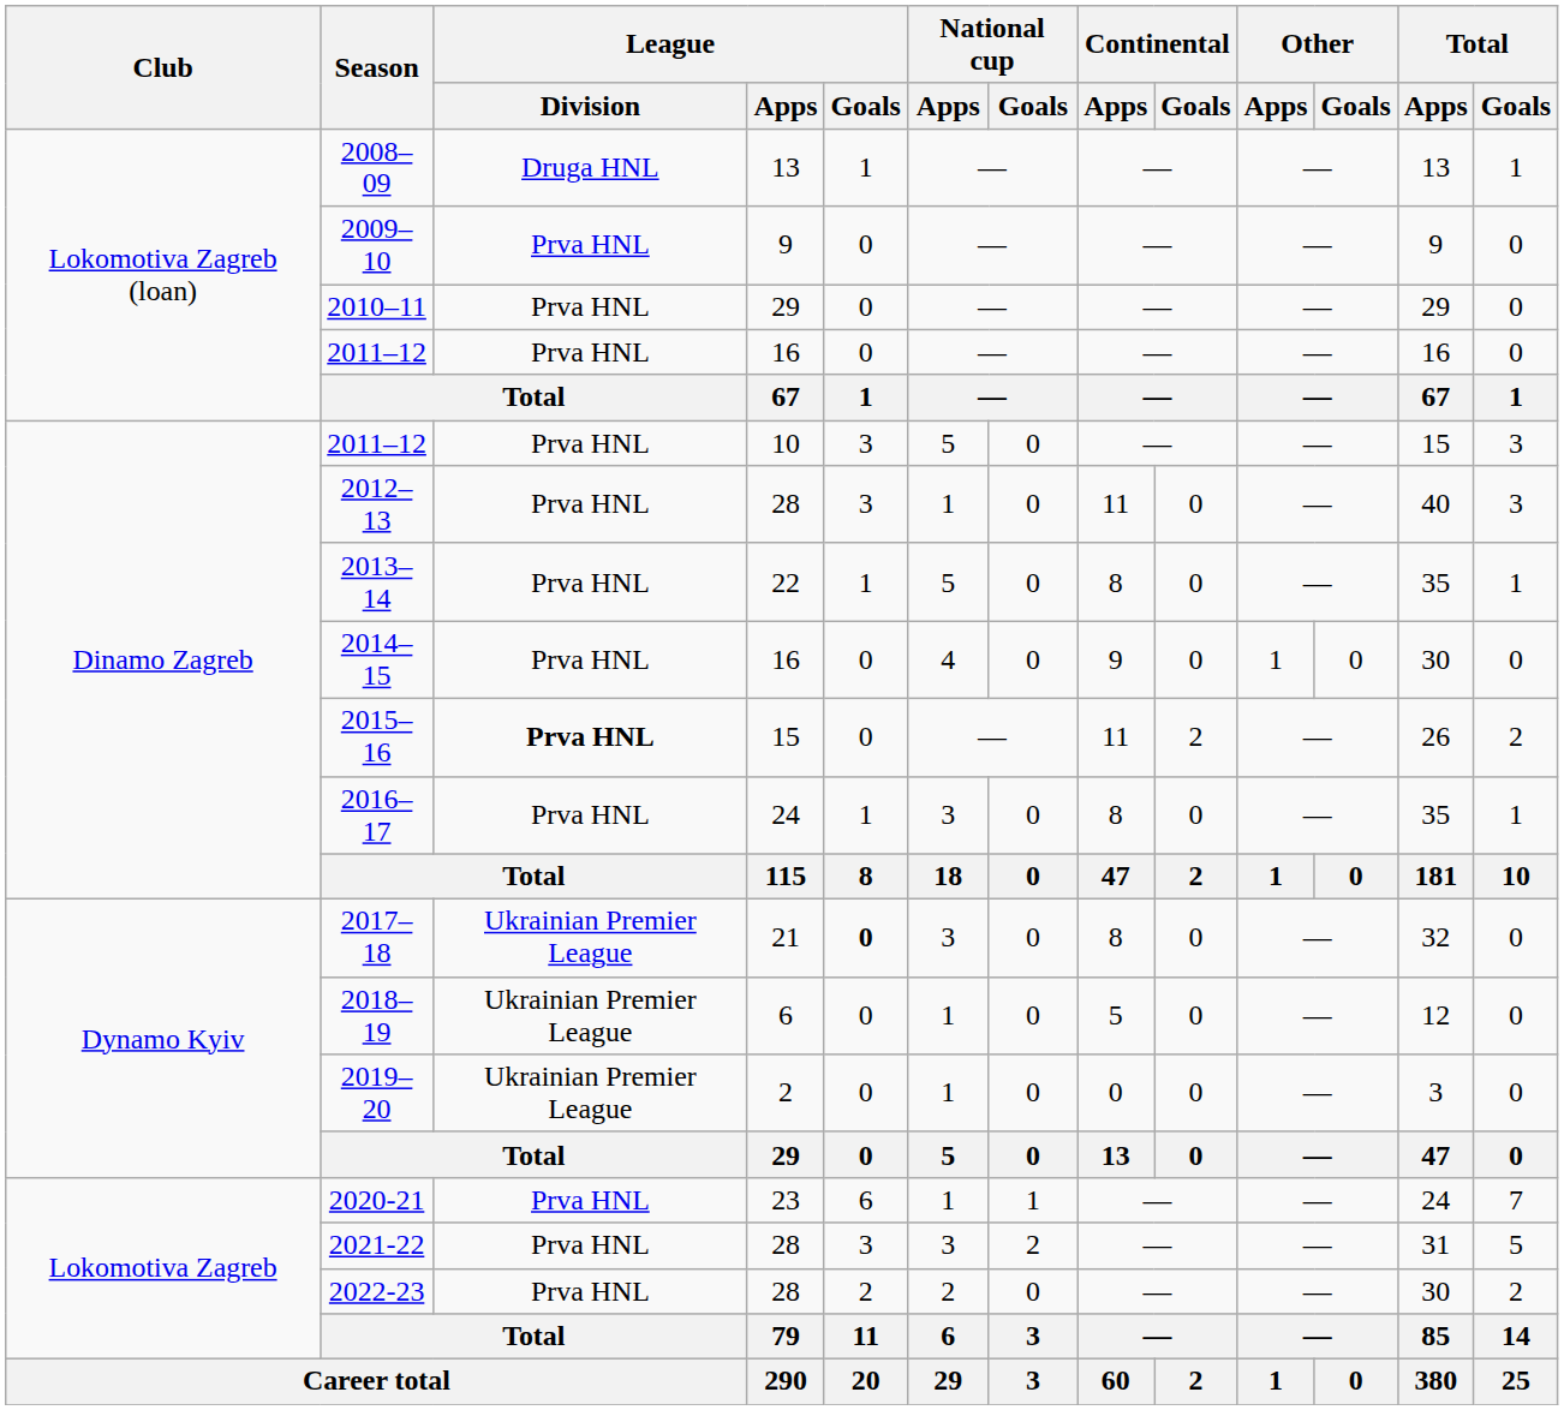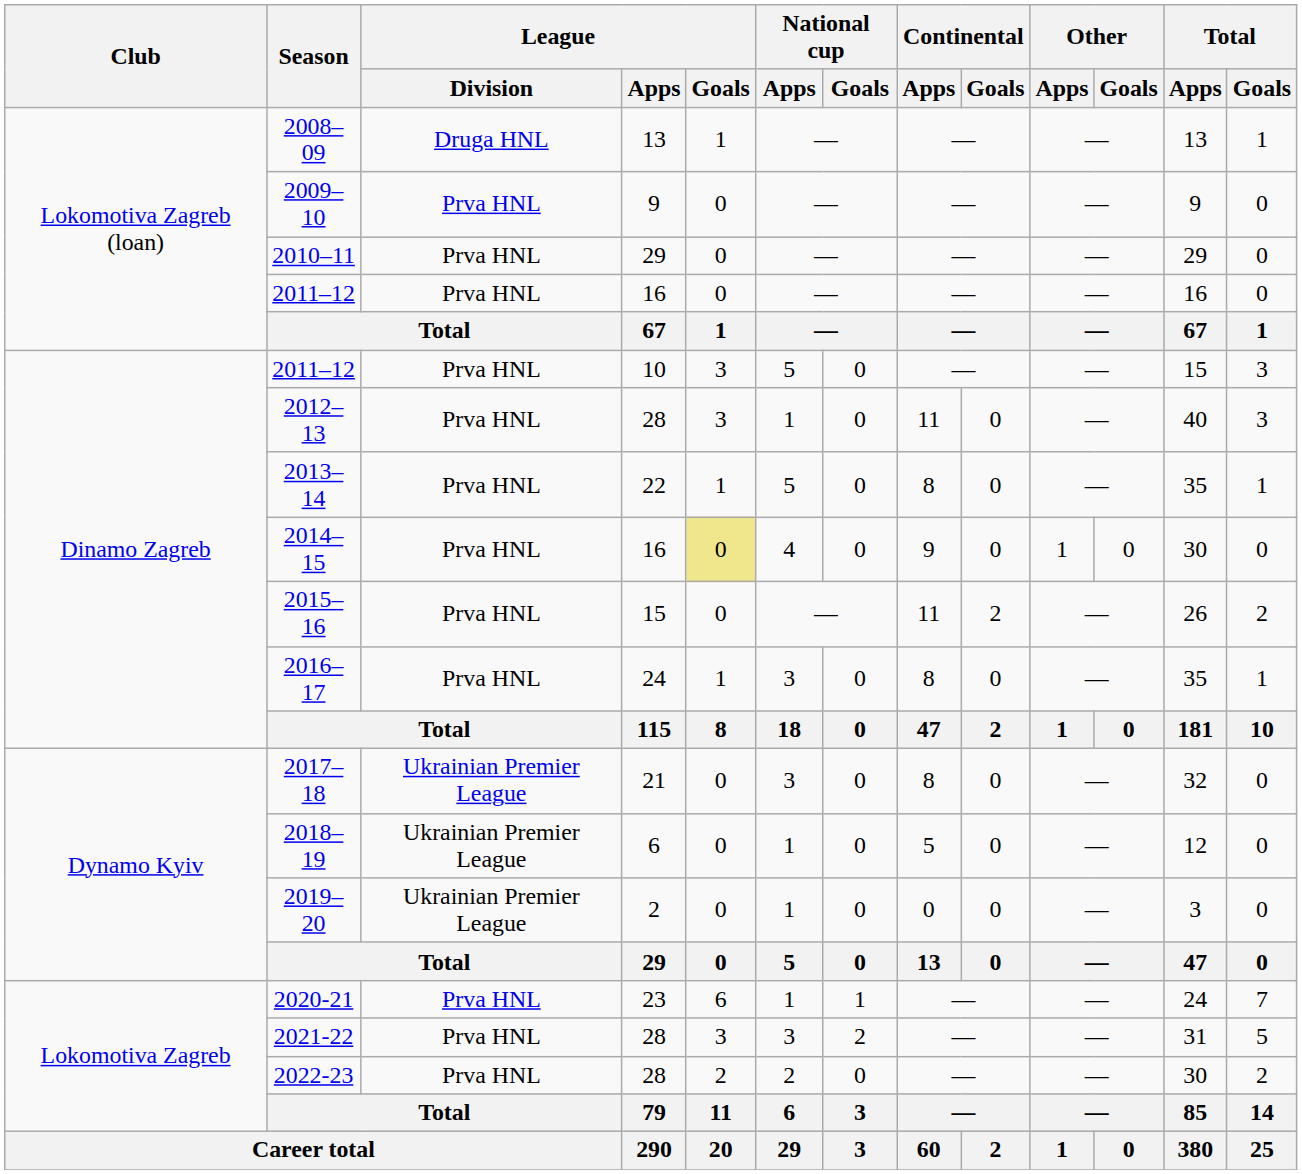 <table class="wikitable" style="text-align:center">
 <tr>
 <th rowspan="2">Club</th>
 <th rowspan="2">Season</th>
 <th colspan="3">League</th>
 <th colspan="2">National cup</th>
 <th colspan="2">Continental</th>
 <th colspan="2">Other</th>
 <th colspan="2">Total</th>
 </tr>
 <tr>
 <th>Division</th>
 <th>Apps</th>
 <th>Goals</th>
 <th>Apps</th>
 <th>Goals</th>
 <th>Apps</th>
 <th>Goals</th>
 <th>Apps</th>
 <th>Goals</th>
 <th>Apps</th>
 <th>Goals</th>
 </tr>
 <tr>
 <td rowspan="5"><a href='#'>Lokomotiva Zagreb</a> (loan)</td>
 <td><a href='#'>2008–09</a></td>
 <td><a href='#'>Druga HNL</a></td>
 <td>13</td>
 <td>1</td>
 <td colspan="2">—</td>
 <td colspan="2">—</td>
 <td colspan="2">—</td>
 <td>13</td>
 <td>1</td>
 </tr>
 <tr>
 <td><a href='#'>2009–10</a></td>
 <td><a href='#'>Prva HNL</a></td>
 <td>9</td>
 <td>0</td>
 <td colspan="2">—</td>
 <td colspan="2">—</td>
 <td colspan="2">—</td>
 <td>9</td>
 <td>0</td>
 </tr>
 <tr>
 <td><a href='#'>2010–11</a></td>
 <td>Prva HNL</td>
 <td>29</td>
 <td>0</td>
 <td colspan="2">—</td>
 <td colspan="2">—</td>
 <td colspan="2">—</td>
 <td>29</td>
 <td>0</td>
 </tr>
 <tr>
 <td><a href='#'>2011–12</a></td>
 <td>Prva HNL</td>
 <td>16</td>
 <td>0</td>
 <td colspan="2">—</td>
 <td colspan="2">—</td>
 <td colspan="2">—</td>
 <td>16</td>
 <td>0</td>
 </tr>
 <tr>
 <th colspan="2">Total</th>
 <th>67</th>
 <th>1</th>
 <th colspan="2">—</th>
 <th colspan="2">—</th>
 <th colspan="2">—</th>
 <th>67</th>
 <th>1</th>
 </tr>
 <tr>
 <td rowspan="7"><a href='#'>Dinamo Zagreb</a></td>
 <td><a href='#'>2011–12</a></td>
 <td>Prva HNL</td>
 <td>10</td>
 <td>3</td>
 <td>5</td>
 <td>0</td>
 <td colspan="2">—</td>
 <td colspan="2">—</td>
 <td>15</td>
 <td>3</td>
 </tr>
 <tr>
 <td><a href='#'>2012–13</a></td>
 <td>Prva HNL</td>
 <td>28</td>
 <td>3</td>
 <td>1</td>
 <td>0</td>
 <td>11</td>
 <td>0</td>
 <td colspan="2">—</td>
 <td>40</td>
 <td>3</td>
 </tr>
 <tr>
 <td><a href='#'>2013–14</a></td>
 <td>Prva HNL</td>
 <td>22</td>
 <td>1</td>
 <td>5</td>
 <td>0</td>
 <td>8</td>
 <td>0</td>
 <td colspan="2">—</td>
 <td>35</td>
 <td>1</td>
 </tr>
 <tr>
 <td><a href='#'>2014–15</a></td>
 <td>Prva HNL</td>
 <td>16</td>
-<td>0</td>
+<td style="background: khaki;">0</td>
 <td>4</td>
 <td>0</td>
 <td>9</td>
 <td>0</td>
 <td>1</td>
 <td>0</td>
 <td>30</td>
 <td>0</td>
 </tr>
 <tr>
 <td><a href='#'>2015–16</a></td>
-<td><strong>Prva HNL</strong></td>
+<td>Prva HNL</td>
 <td>15</td>
 <td>0</td>
 <td colspan="2">—</td>
 <td>11</td>
 <td>2</td>
 <td colspan="2">—</td>
 <td>26</td>
 <td>2</td>
 </tr>
 <tr>
 <td><a href='#'>2016–17</a></td>
 <td>Prva HNL</td>
 <td>24</td>
 <td>1</td>
 <td>3</td>
 <td>0</td>
 <td>8</td>
 <td>0</td>
 <td colspan="2">—</td>
 <td>35</td>
 <td>1</td>
 </tr>
 <tr>
 <th colspan="2">Total</th>
 <th>115</th>
 <th>8</th>
 <th>18</th>
 <th>0</th>
 <th>47</th>
 <th>2</th>
 <th>1</th>
 <th>0</th>
 <th>181</th>
 <th>10</th>
 </tr>
 <tr>
 <td rowspan="4"><a href='#'>Dynamo Kyiv</a></td>
 <td><a href='#'>2017–18</a></td>
 <td><a href='#'>Ukrainian Premier League</a></td>
 <td>21</td>
-<td><strong>0</strong></td>
+<td>0</td>
 <td>3</td>
 <td>0</td>
 <td>8</td>
 <td>0</td>
 <td colspan="2">—</td>
 <td>32</td>
 <td>0</td>
 </tr>
 <tr>
 <td><a href='#'>2018–19</a></td>
 <td>Ukrainian Premier League</td>
 <td>6</td>
 <td>0</td>
 <td>1</td>
 <td>0</td>
 <td>5</td>
 <td>0</td>
 <td colspan="2">—</td>
 <td>12</td>
 <td>0</td>
 </tr>
 <tr>
 <td><a href='#'>2019–20</a></td>
 <td>Ukrainian Premier League</td>
 <td>2</td>
 <td>0</td>
 <td>1</td>
 <td>0</td>
 <td>0</td>
 <td>0</td>
 <td colspan="2">—</td>
 <td>3</td>
 <td>0</td>
 </tr>
 <tr>
 <th colspan="2">Total</th>
 <th>29</th>
 <th>0</th>
 <th>5</th>
 <th>0</th>
 <th>13</th>
 <th>0</th>
 <th colspan="2">—</th>
 <th>47</th>
 <th>0</th>
 </tr>
 <tr>
 <td rowspan="4"><a href='#'>Lokomotiva Zagreb</a></td>
 <td><a href='#'>2020-21</a></td>
 <td><a href='#'>Prva HNL</a></td>
 <td>23</td>
 <td>6</td>
 <td>1</td>
 <td>1</td>
 <td colspan="2">—</td>
 <td colspan="2">—</td>
 <td>24</td>
 <td>7</td>
 </tr>
 <tr>
 <td><a href='#'>2021-22</a></td>
 <td>Prva HNL</td>
 <td>28</td>
 <td>3</td>
 <td>3</td>
 <td>2</td>
 <td colspan="2">—</td>
 <td colspan="2">—</td>
 <td>31</td>
 <td>5</td>
 </tr>
 <tr>
 <td><a href='#'>2022-23</a></td>
 <td>Prva HNL</td>
 <td>28</td>
 <td>2</td>
 <td>2</td>
 <td>0</td>
 <td colspan="2">—</td>
 <td colspan="2">—</td>
 <td>30</td>
 <td>2</td>
 </tr>
 <tr>
 <th colspan="2">Total</th>
 <th>79</th>
 <th>11</th>
 <th>6</th>
 <th>3</th>
 <th colspan="2">—</th>
 <th colspan="2">—</th>
 <th>85</th>
 <th>14</th>
 </tr>
 <tr>
 <th colspan="3">Career total</th>
 <th>290</th>
 <th>20</th>
 <th>29</th>
 <th>3</th>
 <th>60</th>
 <th>2</th>
 <th>1</th>
 <th>0</th>
 <th>380</th>
 <th>25</th>
 </tr>
 </table>
